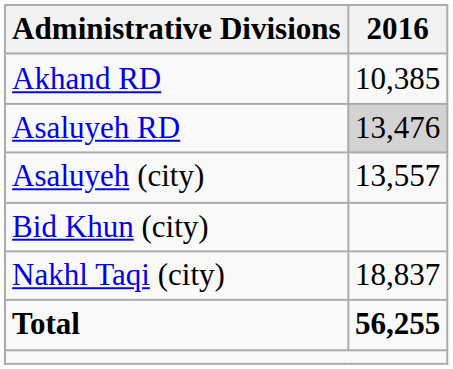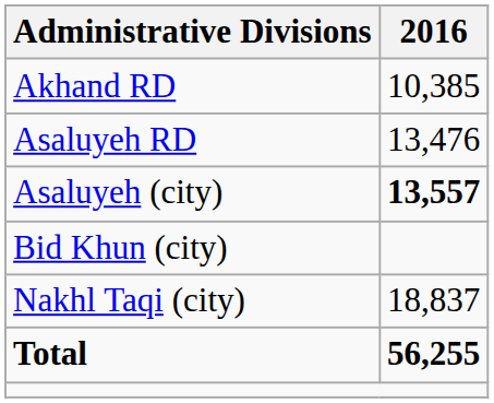 <table class="wikitable">
 <tr>
 <th>Administrative Divisions</th>
 <th>2016</th>
 </tr>
 <tr>
 <td><a href='#'>Akhand RD</a></td>
 <td style="text-align: right;">10,385</td>
 </tr>
 <tr>
 <td><a href='#'>Asaluyeh RD</a></td>
-<td style="background: lightgrey; text-align: right;">13,476</td>
+<td style="text-align: right;">13,476</td>
 </tr>
 <tr>
 <td><a href='#'>Asaluyeh</a> (city)</td>
-<td style="text-align: right;">13,557</td>
+<td style="text-align: right;"><strong>13,557</strong></td>
 </tr>
 <tr>
 <td><a href='#'>Bid Khun</a> (city)</td>
 <td style="text-align: right;"></td>
 </tr>
 <tr>
 <td><a href='#'>Nakhl Taqi</a> (city)</td>
 <td style="text-align: right;">18,837</td>
 </tr>
 <tr>
 <td><strong>Total</strong></td>
 <td style="text-align: right;"><strong>56,255</strong></td>
 </tr>
 <tr>
 <td colspan=2></td>
 </tr>
 </table>
